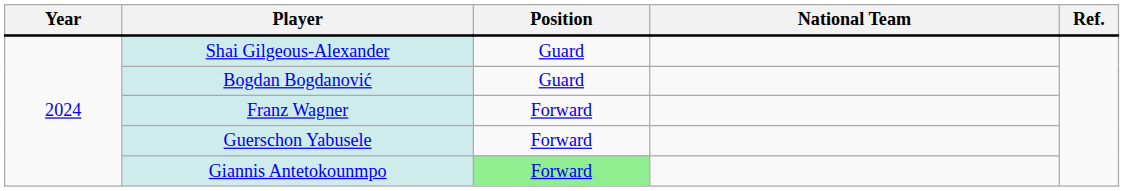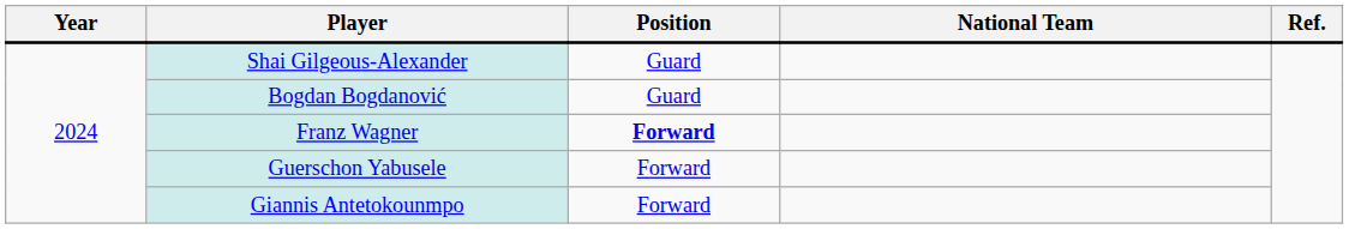 <table class="wikitable" style="width: 70%; text-align:center; font-size:90%">
 <tr>
 <th width=10%>Year</th>
 <th width=30%>Player</th>
 <th width=15%>Position</th>
 <th width=35%>National Team</th>
 <th width=5%>Ref.</th>
 </tr>
 <tr style = "border-top:2px solid black;">
 <td rowspan=5><a href='#'>2024</a></td>
 <td style="background-color:#CFECEC; align=center"><a href='#'>Shai Gilgeous-Alexander</a></td>
 <td align=center><a href='#'>Guard</a></td>
 <td align=center></td>
 <td rowspan=5></td>
 </tr>
 <tr>
 <td style="background-color:#CFECEC; align=center"><a href='#'>Bogdan Bogdanović</a></td>
 <td align=center><a href='#'>Guard</a></td>
 <td align=center></td>
 </tr>
 <tr>
 <td style="background-color:#CFECEC; align=center"><a href='#'>Franz Wagner</a></td>
-<td align=center><a href='#'>Forward</a></td>
+<td align=center><strong><a href='#'>Forward</a></strong></td>
 <td align=center></td>
 </tr>
 <tr>
 <td style="background-color:#CFECEC; align=center"><a href='#'>Guerschon Yabusele</a></td>
 <td align=center><a href='#'>Forward</a></td>
 <td align=center></td>
 </tr>
 <tr>
 <td style="background-color:#CFECEC; align=center"><a href='#'>Giannis Antetokounmpo</a></td>
-<td align=center style="background: lightgreen;"><a href='#'>Forward</a></td>
+<td align=center><a href='#'>Forward</a></td>
 <td align=center></td>
 </tr>
 </table>
